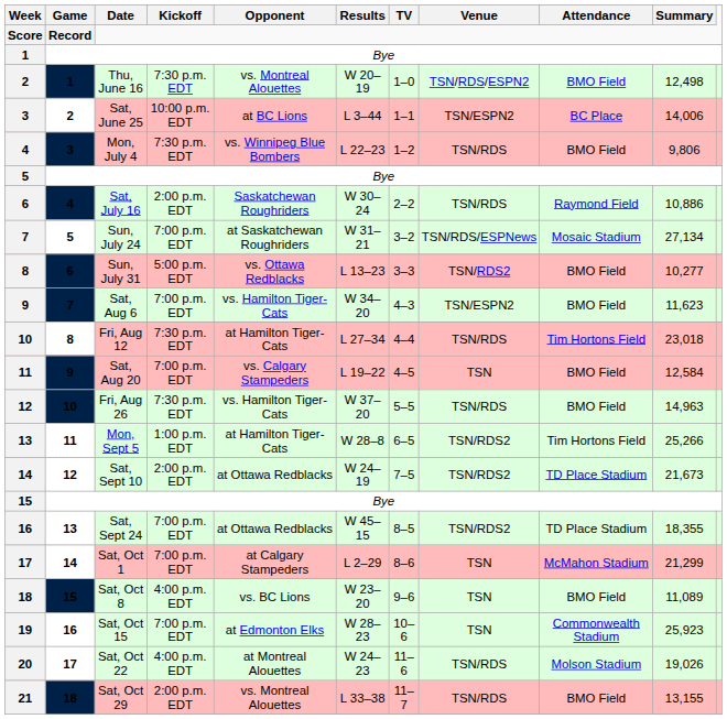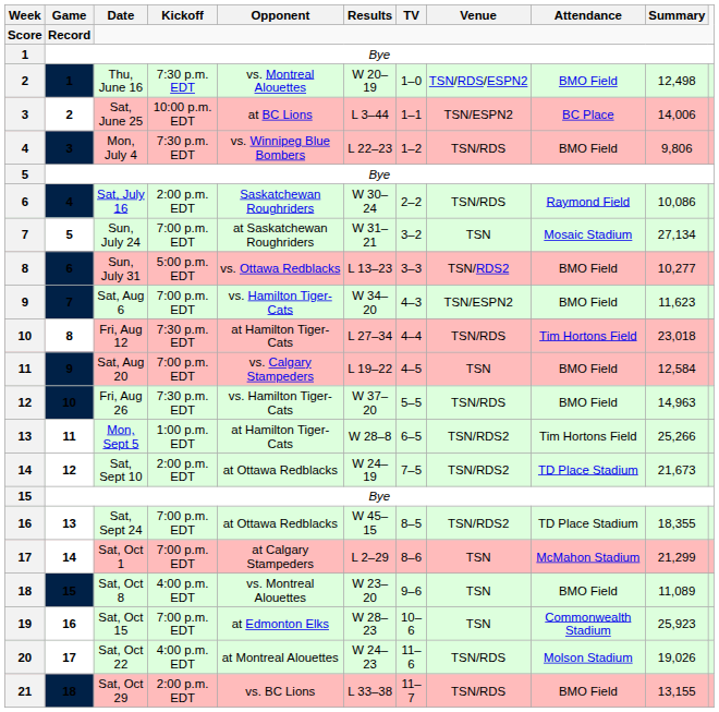 <table class="wikitable" style="font-size: 95%;">
 <tr>
 <th scope="col">Week</th>
 <th scope="col">Game</th>
 <th scope="col">Date</th>
 <th scope="col">Kickoff</th>
 <th scope="col">Opponent</th>
 <th scope="col">Results</th>
 <th scope="col">TV</th>
 <th scope="col">Venue</th>
 <th scope="col">Attendance</th>
 <th scope="col">Summary</th>
 </tr>
 <tr>
 <th scope="col">Score</th>
 <th scope="col">Record</th>
 </tr>
 <tr align="center"= bgcolor="ffffff">
 <th align="center">1</th>
 <td colspan=10 align="center" valign="middle"><em>Bye</em></td>
 </tr>
 <tr align="center"= bgcolor="ddffdd">
 <th align="center">2</th>
 <th style="text-align:center; background:#002147;"><span>1</span></th>
 <td align="center">Thu, June 16</td>
 <td align="center">7:30 p.m. <a href='#'>EDT</a></td>
 <td align="center">vs. <a href='#'>Montreal Alouettes</a></td>
 <td align="center">W 20–19</td>
 <td align="center">1–0</td>
 <td align="center"><a href='#'>TSN</a>/<a href='#'>RDS</a>/<a href='#'>ESPN2</a></td>
 <td align="center"><a href='#'>BMO Field</a></td>
 <td align="center">12,498</td>
 <td align="center"></td>
 </tr>
 <tr align="center"= bgcolor="ffbbbb">
 <th align="center">3</th>
 <th style="text-align:center; background:white;"><span>2</span></th>
 <td align="center">Sat, June 25</td>
 <td align="center">10:00 p.m. EDT</td>
 <td align="center">at <a href='#'>BC Lions</a></td>
 <td align="center">L 3–44</td>
 <td align="center">1–1</td>
 <td align="center">TSN/ESPN2</td>
 <td align="center"><a href='#'>BC Place</a></td>
 <td align="center">14,006</td>
 <td align="center"></td>
 </tr>
 <tr align="center"= bgcolor="ffbbbb">
 <th align="center">4</th>
 <th style="text-align:center; background:#002147;"><span>3</span></th>
 <td align="center">Mon, July 4</td>
 <td align="center">7:30 p.m. EDT</td>
 <td align="center">vs. <a href='#'>Winnipeg Blue Bombers</a></td>
 <td align="center">L 22–23</td>
 <td align="center">1–2</td>
 <td align="center">TSN/RDS</td>
 <td align="center">BMO Field</td>
 <td align="center">9,806</td>
 <td align="center"></td>
 </tr>
 <tr align="center"= bgcolor="ffffff">
 <th align="center">5</th>
 <td colspan=10 align="center" valign="middle"><em>Bye</em></td>
 </tr>
 <tr align="center"= bgcolor="ddffdd">
 <th align="center">6</th>
 <th style="text-align:center; background:#002147;"><span>4</span></th>
 <td align="center"><a href='#'>Sat, July 16</a></td>
 <td align="center">2:00 p.m. EDT</td>
 <td align="center"><a href='#'>Saskatchewan Roughriders</a></td>
 <td align="center">W 30–24</td>
 <td align="center">2–2</td>
 <td align="center">TSN/RDS</td>
 <td align="center"><a href='#'>Raymond Field</a></td>
-<td align="center">10,886</td>
+<td align="center">10,086</td>
 <td align="center"></td>
 </tr>
 <tr align="center"= bgcolor="ddffdd">
 <th align="center">7</th>
 <th style="text-align:center; background:white;"><span>5</span></th>
 <td align="center">Sun, July 24</td>
 <td align="center">7:00 p.m. EDT</td>
 <td align="center">at Saskatchewan Roughriders</td>
 <td align="center">W 31–21</td>
 <td align="center">3–2</td>
-<td align="center">TSN/RDS/<a href='#'>ESPNews</a></td>
+<td align="center">TSN</td>
 <td align="center"><a href='#'>Mosaic Stadium</a></td>
 <td align="center">27,134</td>
 <td align="center"></td>
 </tr>
 <tr align="center"= bgcolor="ffbbbb">
 <th align="center">8</th>
 <th style="text-align:center; background:#002147;"><span>6</span></th>
 <td align="center">Sun, July 31</td>
 <td align="center">5:00 p.m. EDT</td>
 <td align="center">vs. <a href='#'>Ottawa Redblacks</a></td>
 <td align="center">L 13–23</td>
 <td align="center">3–3</td>
 <td align="center">TSN/<a href='#'>RDS2</a></td>
 <td align="center">BMO Field</td>
 <td align="center">10,277</td>
 <td align="center"></td>
 </tr>
 <tr align="center"= bgcolor="ddffdd">
 <th align="center">9</th>
 <th style="text-align:center; background:#002147;"><span>7</span></th>
 <td align="center">Sat, Aug 6</td>
 <td align="center">7:00 p.m. EDT</td>
 <td align="center">vs. <a href='#'>Hamilton Tiger-Cats</a></td>
 <td align="center">W 34–20</td>
 <td align="center">4–3</td>
 <td align="center">TSN/ESPN2</td>
 <td align="center">BMO Field</td>
 <td align="center">11,623</td>
 <td align="center"></td>
 </tr>
 <tr align="center"= bgcolor="ffbbbb">
 <th align="center">10</th>
 <th style="text-align:center; background:white;"><span>8</span></th>
 <td align="center">Fri, Aug 12</td>
 <td align="center">7:30 p.m. EDT</td>
 <td align="center">at Hamilton Tiger-Cats</td>
 <td align="center">L 27–34</td>
 <td align="center">4–4</td>
 <td align="center">TSN/RDS</td>
 <td align="center"><a href='#'>Tim Hortons Field</a></td>
 <td align="center">23,018</td>
 <td align="center"></td>
 </tr>
 <tr align="center"= bgcolor="ffbbbb">
 <th align="center">11</th>
 <th style="text-align:center; background:#002147;"><span>9</span></th>
 <td align="center">Sat, Aug 20</td>
 <td align="center">7:00 p.m. EDT</td>
 <td align="center">vs. <a href='#'>Calgary Stampeders</a></td>
 <td align="center">L 19–22</td>
 <td align="center">4–5</td>
 <td align="center">TSN</td>
 <td align="center">BMO Field</td>
 <td align="center">12,584</td>
 <td align="center"></td>
 </tr>
 <tr align="center"= bgcolor="ddffdd">
 <th align="center">12</th>
 <th style="text-align:center; background:#002147;"><span>10</span></th>
 <td align="center">Fri, Aug 26</td>
 <td align="center">7:30 p.m. EDT</td>
 <td align="center">vs. Hamilton Tiger-Cats</td>
 <td align="center">W 37–20</td>
 <td align="center">5–5</td>
 <td align="center">TSN/RDS</td>
 <td align="center">BMO Field</td>
 <td align="center">14,963</td>
 <td align="center"></td>
 </tr>
 <tr align="center"= bgcolor="ddffdd">
 <th align="center">13</th>
 <th style="text-align:center; background:white;"><span>11</span></th>
 <td align="center"><a href='#'>Mon, Sept 5</a></td>
 <td align="center">1:00 p.m. EDT</td>
 <td align="center">at Hamilton Tiger-Cats</td>
 <td align="center">W 28–8</td>
 <td align="center">6–5</td>
 <td align="center">TSN/RDS2</td>
 <td align="center">Tim Hortons Field</td>
 <td align="center">25,266</td>
 <td align="center"></td>
 </tr>
 <tr align="center"= bgcolor="ddffdd">
 <th align="center">14</th>
 <th style="text-align:center; background:white;"><span>12</span></th>
 <td align="center">Sat, Sept 10</td>
 <td align="center">2:00 p.m. EDT</td>
 <td align="center">at Ottawa Redblacks</td>
 <td align="center">W 24–19</td>
 <td align="center">7–5</td>
 <td align="center">TSN/RDS2</td>
 <td align="center"><a href='#'>TD Place Stadium</a></td>
 <td align="center">21,673</td>
 <td align="center"></td>
 </tr>
 <tr align="center"= bgcolor="ffffff">
 <th align="center">15</th>
 <td colspan=10 align="center" valign="middle"><em>Bye</em></td>
 </tr>
 <tr align="center"= bgcolor="ddffdd">
 <th align="center">16</th>
 <th style="text-align:center; background:white;"><span>13</span></th>
 <td align="center">Sat, Sept 24</td>
 <td align="center">7:00 p.m. EDT</td>
 <td align="center">at Ottawa Redblacks</td>
 <td align="center">W 45–15</td>
 <td align="center">8–5</td>
 <td align="center">TSN/RDS2</td>
 <td align="center">TD Place Stadium</td>
 <td align="center">18,355</td>
 <td align="center"></td>
 </tr>
 <tr align="center"= bgcolor="ffbbbb">
 <th align="center">17</th>
 <th style="text-align:center; background:white;"><span>14</span></th>
 <td align="center">Sat, Oct 1</td>
 <td align="center">7:00 p.m. EDT</td>
 <td align="center">at Calgary Stampeders</td>
 <td align="center">L 2–29</td>
 <td align="center">8–6</td>
 <td align="center">TSN</td>
 <td align="center"><a href='#'>McMahon Stadium</a></td>
 <td align="center">21,299</td>
 <td align="center"></td>
 </tr>
 <tr align="center"= bgcolor="ddffdd">
 <th align="center">18</th>
 <th style="text-align:center; background:#002147;"><span>15</span></th>
 <td align="center">Sat, Oct 8</td>
 <td align="center">4:00 p.m. EDT</td>
-<td align="center">vs. BC Lions</td>
+<td align="center">vs. Montreal Alouettes</td>
 <td align="center">W 23–20</td>
 <td align="center">9–6</td>
 <td align="center">TSN</td>
 <td align="center">BMO Field</td>
 <td align="center">11,089</td>
 <td align="center"></td>
 </tr>
 <tr align="center"= bgcolor="ddffdd">
 <th align="center">19</th>
 <th style="text-align:center; background:white;"><span>16</span></th>
 <td align="center">Sat, Oct 15</td>
 <td align="center">7:00 p.m. EDT</td>
 <td align="center">at <a href='#'>Edmonton Elks</a></td>
 <td align="center">W 28–23</td>
 <td align="center">10–6</td>
 <td align="center">TSN</td>
 <td align="center"><a href='#'>Commonwealth Stadium</a></td>
 <td align="center">25,923</td>
 <td align="center"></td>
 </tr>
 <tr align="center"= bgcolor="ddffdd">
 <th align="center">20</th>
 <th style="text-align:center; background:white;"><span>17</span></th>
 <td align="center">Sat, Oct 22</td>
 <td align="center">4:00 p.m. EDT</td>
 <td align="center">at Montreal Alouettes</td>
 <td align="center">W 24–23</td>
 <td align="center">11–6</td>
 <td align="center">TSN/RDS</td>
 <td align="center"><a href='#'>Molson Stadium</a></td>
 <td align="center">19,026</td>
 <td align="center"></td>
 </tr>
 <tr align="center"= bgcolor="ffbbbb">
 <th align="center">21</th>
 <th style="text-align:center; background:#002147;"><span>18</span></th>
 <td align="center">Sat, Oct 29</td>
 <td align="center">2:00 p.m. EDT</td>
-<td align="center">vs. Montreal Alouettes</td>
+<td align="center">vs. BC Lions</td>
 <td align="center">L 33–38</td>
 <td align="center">11–7</td>
 <td align="center">TSN/RDS</td>
 <td align="center">BMO Field</td>
 <td align="center">13,155</td>
 <td align="center"></td>
 </tr>
 </table>
